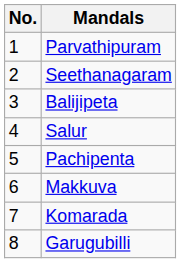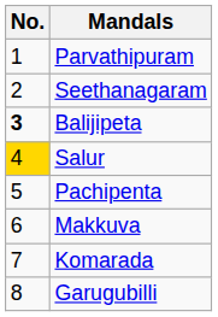 <table class="wikitable">
 <tr>
 <th>No.</th>
 <th>Mandals</th>
 </tr>
 <tr>
 <td>1</td>
 <td><a href='#'>Parvathipuram</a></td>
 </tr>
 <tr>
 <td>2</td>
 <td><a href='#'>Seethanagaram</a></td>
 </tr>
 <tr>
-<td>3</td>
+<td><strong>3</strong></td>
 <td><a href='#'>Balijipeta</a></td>
 </tr>
 <tr>
-<td>4</td>
+<td style="background: gold;">4</td>
 <td><a href='#'>Salur</a></td>
 </tr>
 <tr>
 <td>5</td>
 <td><a href='#'>Pachipenta</a></td>
 </tr>
 <tr>
 <td>6</td>
 <td><a href='#'>Makkuva</a></td>
 </tr>
 <tr>
 <td>7</td>
 <td><a href='#'>Komarada</a></td>
 </tr>
 <tr>
 <td>8</td>
 <td><a href='#'>Garugubilli</a></td>
 </tr>
 </table>
